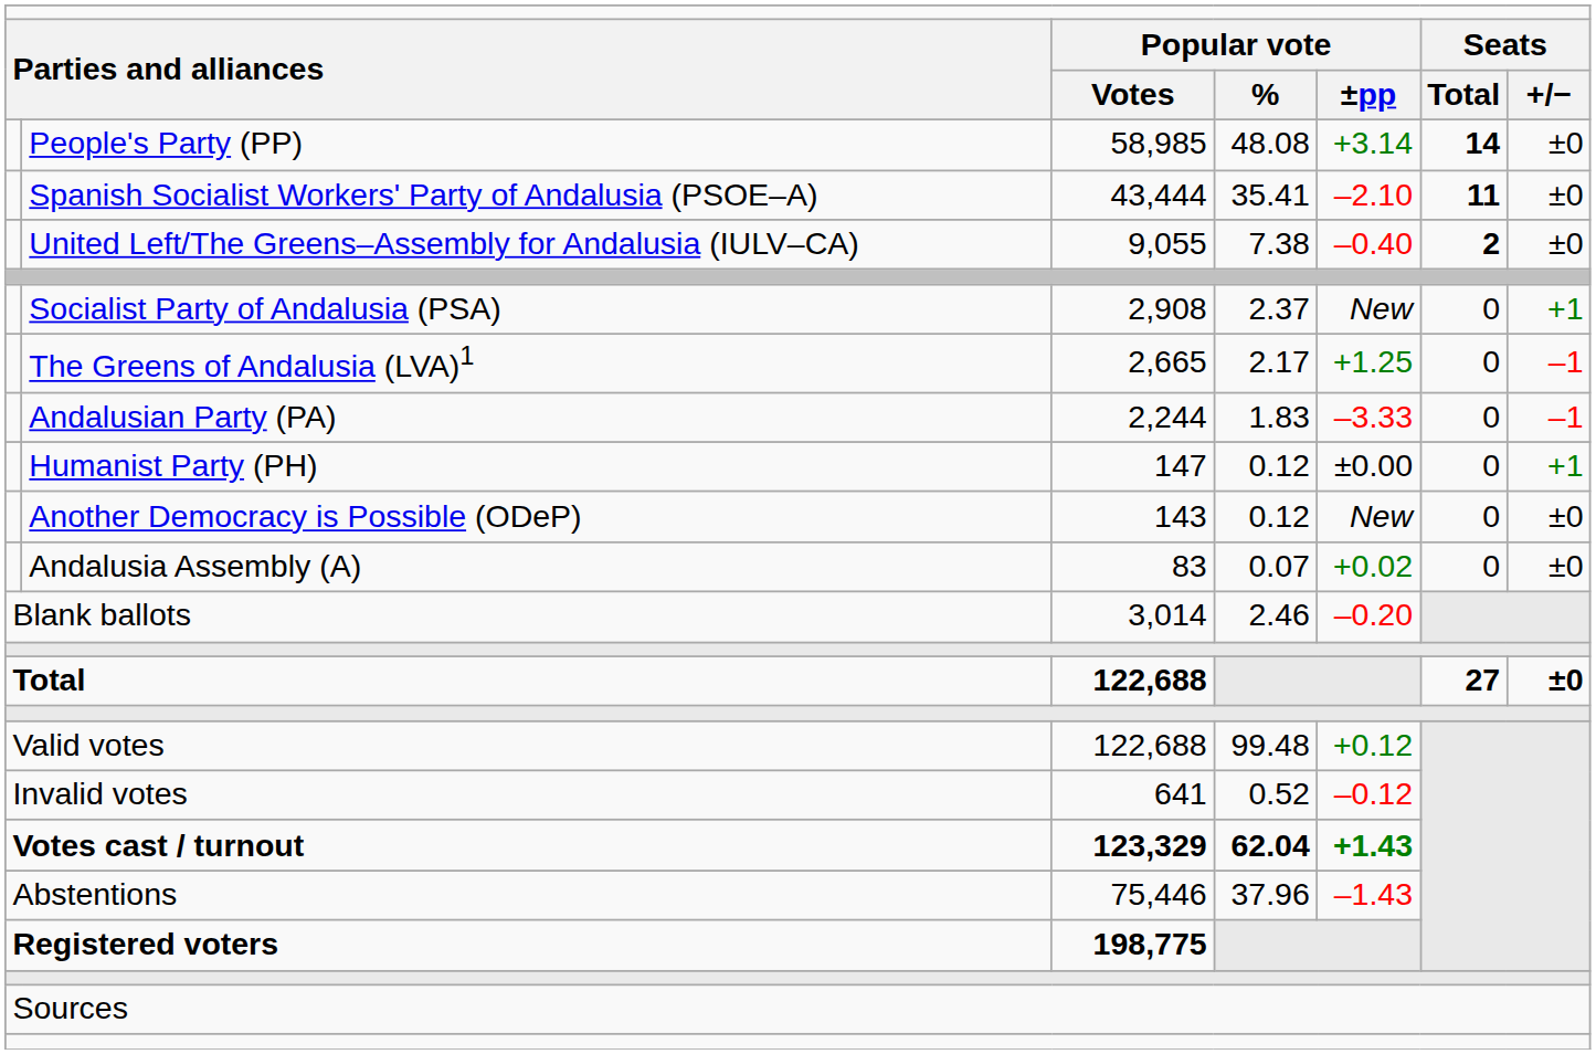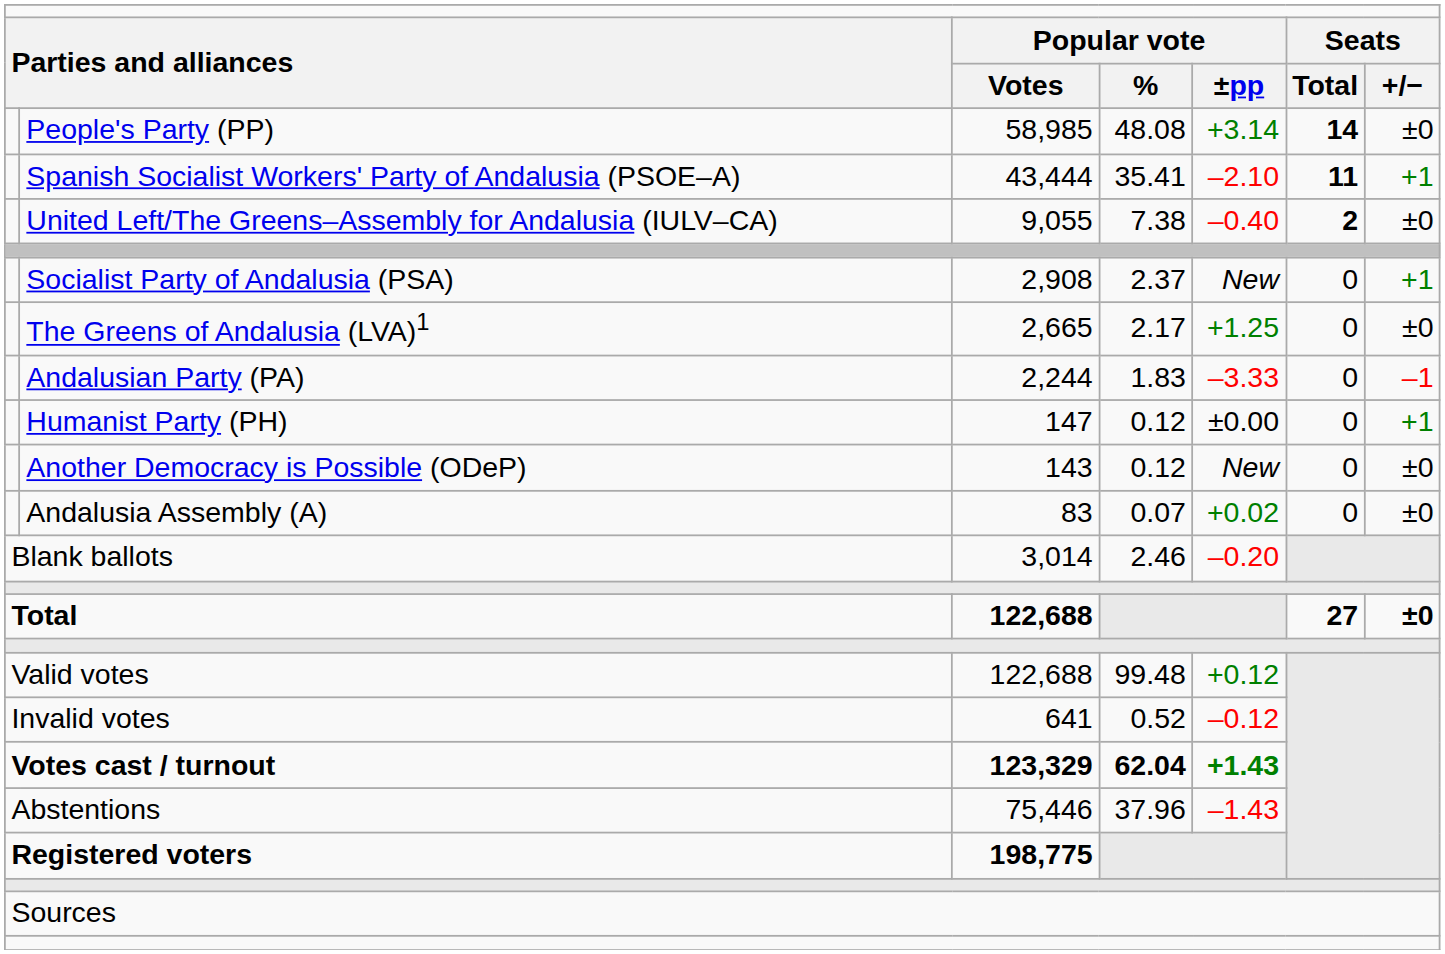 <table class="wikitable" style="text-align:right;">
 <tr>
 <td colspan="7"></td>
 </tr>
 <tr>
 <th style="text-align:left;" rowspan="2" colspan="2" width="525">Parties and alliances</th>
 <th colspan="3">Popular vote</th>
 <th colspan="2">Seats</th>
 </tr>
 <tr>
 <th width="75">Votes</th>
 <th width="45">%</th>
 <th width="45">±<a href='#'>pp</a></th>
 <th width="35">Total</th>
 <th width="35">+/−</th>
 </tr>
 <tr>
 <td width="1" style="color:inherit;background:"></td>
 <td align="left"><a href='#'>People's Party</a> (PP)</td>
 <td>58,985</td>
 <td>48.08</td>
 <td style="color:green;">+3.14</td>
 <td><strong>14</strong></td>
 <td>±0</td>
 </tr>
 <tr>
 <td style="color:inherit;background:"></td>
 <td align="left"><a href='#'>Spanish Socialist Workers' Party of Andalusia</a> (PSOE–A)</td>
 <td>43,444</td>
 <td>35.41</td>
 <td style="color:red;">–2.10</td>
 <td><strong>11</strong></td>
-<td>±0</td>
+<td style="color:green;">+1</td>
 </tr>
 <tr>
 <td style="color:inherit;background:"></td>
 <td align="left"><a href='#'>United Left/The Greens–Assembly for Andalusia</a> (IULV–CA)</td>
 <td>9,055</td>
 <td>7.38</td>
 <td style="color:red;">–0.40</td>
 <td><strong>2</strong></td>
 <td>±0</td>
 </tr>
 <tr>
 <td colspan="7" bgcolor="#C0C0C0"></td>
 </tr>
 <tr>
 <td style="color:inherit;background:"></td>
 <td align="left"><a href='#'>Socialist Party of Andalusia</a> (PSA)</td>
 <td>2,908</td>
 <td>2.37</td>
 <td><em>New</em></td>
 <td>0</td>
 <td style="color:green;">+1</td>
 </tr>
 <tr>
 <td style="color:inherit;background:"></td>
 <td align="left"><a href='#'>The Greens of Andalusia</a> (LVA)<sup>1</sup></td>
 <td>2,665</td>
 <td>2.17</td>
 <td style="color:green;">+1.25</td>
 <td>0</td>
-<td style="color:red;">–1</td>
+<td>±0</td>
 </tr>
 <tr>
 <td style="color:inherit;background:"></td>
 <td align="left"><a href='#'>Andalusian Party</a> (PA)</td>
 <td>2,244</td>
 <td>1.83</td>
 <td style="color:red;">–3.33</td>
 <td>0</td>
 <td style="color:red;">–1</td>
 </tr>
 <tr>
 <td style="color:inherit;background:"></td>
 <td align="left"><a href='#'>Humanist Party</a> (PH)</td>
 <td>147</td>
 <td>0.12</td>
 <td>±0.00</td>
 <td>0</td>
 <td style="color:green;">+1</td>
 </tr>
 <tr>
 <td style="color:inherit;background:"></td>
 <td align="left"><a href='#'>Another Democracy is Possible</a> (ODeP)</td>
 <td>143</td>
 <td>0.12</td>
 <td><em>New</em></td>
 <td>0</td>
 <td>±0</td>
 </tr>
 <tr>
 <td style="color:inherit;background:"></td>
 <td align="left">Andalusia Assembly (A)</td>
 <td>83</td>
 <td>0.07</td>
 <td style="color:green;">+0.02</td>
 <td>0</td>
 <td>±0</td>
 </tr>
 <tr>
 <td align="left" colspan="2">Blank ballots</td>
 <td>3,014</td>
 <td>2.46</td>
 <td style="color:red;">–0.20</td>
 <td bgcolor="#E9E9E9" colspan="2"></td>
 </tr>
 <tr>
 <td colspan="7" bgcolor="#E9E9E9"></td>
 </tr>
 <tr style="font-weight:bold;">
 <td align="left" colspan="2">Total</td>
 <td>122,688</td>
 <td bgcolor="#E9E9E9" colspan="2"></td>
 <td>27</td>
 <td>±0</td>
 </tr>
 <tr>
 <td colspan="7" bgcolor="#E9E9E9"></td>
 </tr>
 <tr>
 <td align="left" colspan="2">Valid votes</td>
 <td>122,688</td>
 <td>99.48</td>
 <td style="color:green;">+0.12</td>
 <td bgcolor="#E9E9E9" colspan="2" rowspan="5"></td>
 </tr>
 <tr>
 <td align="left" colspan="2">Invalid votes</td>
 <td>641</td>
 <td>0.52</td>
 <td style="color:red;">–0.12</td>
 </tr>
 <tr style="font-weight:bold;">
 <td align="left" colspan="2">Votes cast / turnout</td>
 <td>123,329</td>
 <td>62.04</td>
 <td style="color:green;">+1.43</td>
 </tr>
 <tr>
 <td align="left" colspan="2">Abstentions</td>
 <td>75,446</td>
 <td>37.96</td>
 <td style="color:red;">–1.43</td>
 </tr>
 <tr style="font-weight:bold;">
 <td align="left" colspan="2">Registered voters</td>
 <td>198,775</td>
 <td bgcolor="#E9E9E9" colspan="2"></td>
 </tr>
 <tr>
 <td colspan="7" bgcolor="#E9E9E9"></td>
 </tr>
 <tr>
 <td align="left" colspan="7">Sources</td>
 </tr>
 <tr>
 <td colspan="7" style="text-align:left; max-width:790px;"></td>
 </tr>
 </table>
